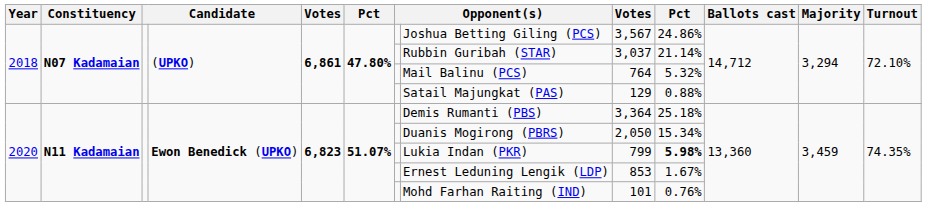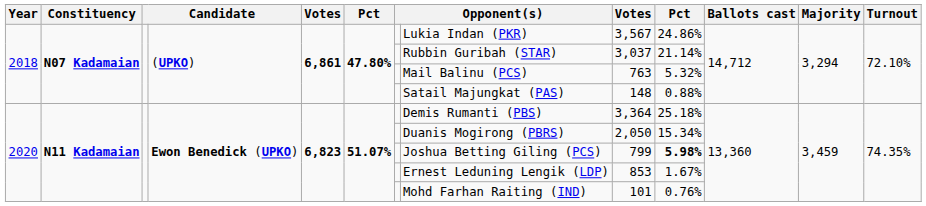 <table class="wikitable" style="margin:0.5em ; font-size:95%">
 <tr>
 <th>Year</th>
 <th>Constituency</th>
 <th colspan=2>Candidate</th>
 <th>Votes</th>
 <th>Pct</th>
 <th colspan=2>Opponent(s)</th>
 <th>Votes</th>
 <th>Pct</th>
 <th>Ballots cast</th>
 <th>Majority</th>
 <th>Turnout</th>
 </tr>
 <tr>
 <td rowspan=4><a href='#'>2018</a></td>
 <td rowspan=4><strong>N07 <a href='#'>Kadamaian</a></strong></td>
 <td rowspan=4 ></td>
 <td rowspan=4> (<a href='#'><strong>UPKO</strong></a>)</td>
 <td rowspan=4 align="right"><strong>6,861</strong></td>
 <td rowspan=4><strong>47.80%</strong></td>
 <td></td>
-<td>Joshua Betting Giling (<a href='#'>PCS</a>)</td>
+<td>Lukia Indan (<a href='#'>PKR</a>)</td>
 <td align="right">3,567</td>
 <td>24.86%</td>
 <td rowspan=4>14,712</td>
 <td rowspan=4>3,294</td>
 <td rowspan=4>72.10%</td>
 </tr>
 <tr>
 <td></td>
 <td>Rubbin Guribah (<a href='#'>STAR</a>)</td>
 <td align="right">3,037</td>
 <td>21.14%</td>
 </tr>
 <tr>
 <td></td>
 <td>Mail Balinu (<a href='#'>PCS</a>)</td>
-<td align="right">764</td>
+<td align="right">763</td>
 <td align="right">5.32%</td>
 </tr>
 <tr>
 <td></td>
 <td>Satail Majungkat (<a href='#'>PAS</a>)</td>
-<td align="right">129</td>
+<td align="right">148</td>
 <td align="right">0.88%</td>
 </tr>
 <tr>
 <td rowspan=5><a href='#'>2020</a></td>
 <td rowspan=5><strong>N11 <a href='#'>Kadamaian</a></strong></td>
 <td rowspan=5></td>
 <td rowspan=5><strong>Ewon Benedick</strong> (<a href='#'><strong>UPKO</strong></a>)</td>
 <td rowspan=5 align="right"><strong>6,823</strong></td>
 <td rowspan=5><strong>51.07%</strong></td>
 <td></td>
 <td>Demis Rumanti (<a href='#'>PBS</a>)</td>
 <td align="right">3,364</td>
 <td>25.18%</td>
 <td rowspan=5>13,360</td>
 <td rowspan=5>3,459</td>
 <td rowspan=5>74.35%</td>
 </tr>
 <tr>
 <td></td>
 <td>Duanis Mogirong (<a href='#'>PBRS</a>)</td>
 <td align="right">2,050</td>
 <td>15.34%</td>
 </tr>
 <tr>
 <td></td>
-<td>Lukia Indan (<a href='#'>PKR</a>)</td>
+<td>Joshua Betting Giling (<a href='#'>PCS</a>)</td>
 <td align="right">799</td>
 <td align="right"><strong>5.98%</strong></td>
 </tr>
 <tr>
 <td></td>
 <td>Ernest Leduning Lengik (<a href='#'>LDP</a>)</td>
 <td align="right">853</td>
 <td align="right">1.67%</td>
 </tr>
 <tr>
 <td></td>
 <td>Mohd Farhan Raiting (<a href='#'>IND</a>)</td>
 <td align="right">101</td>
 <td align="right">0.76%</td>
 </tr>
 </table>
